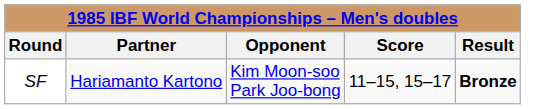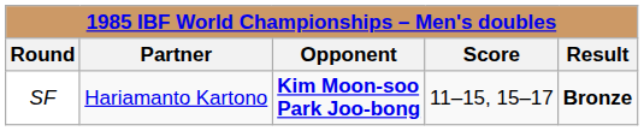 <table class="wikitable" style="font-size: 90%; text-align: center">
 <tr>
 <th colspan=5 style="background:#CC9966;"><a href='#'>1985 IBF World Championships – Men's doubles</a></th>
 </tr>
 <tr>
 <th>Round</th>
 <th>Partner</th>
 <th>Opponent</th>
 <th>Score</th>
 <th>Result</th>
 </tr>
 <tr>
 <td style="text-align:center; background:white"><em>SF</em></td>
 <td align="left"> <a href='#'>Hariamanto Kartono</a></td>
-<td align="left"> <a href='#'>Kim Moon-soo</a> <br> <a href='#'>Park Joo-bong</a></td>
+<td align="left"><strong> <a href='#'>Kim Moon-soo</a> <br> <a href='#'>Park Joo-bong</a></strong></td>
 <td align="left">11–15, 15–17</td>
 <td align="center"> <strong>Bronze</strong></td>
 </tr>
 </table>
